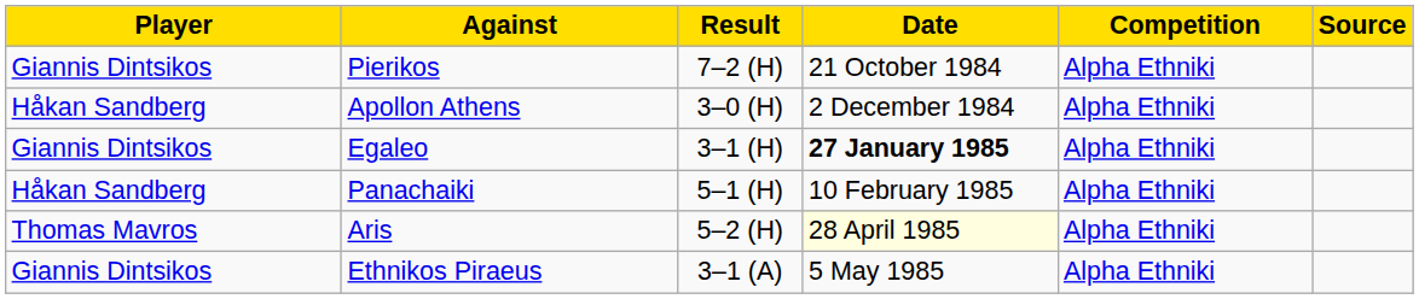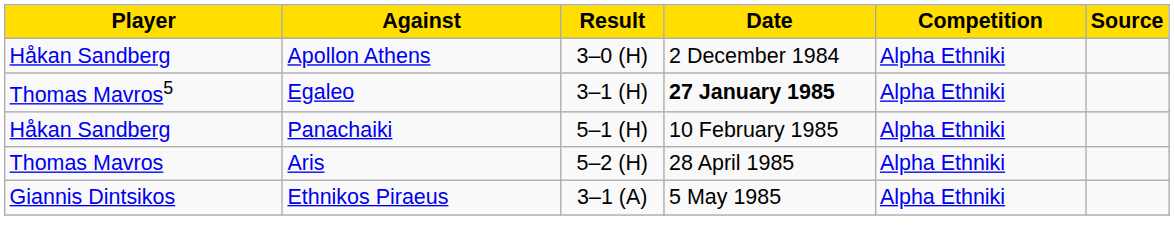 <table class="wikitable">
 <tr>
 <th width=200 style="background:#FFDE00">Player</th>
 <th width=200 style="background:#FFDE00">Against</th>
 <th width=70 style="background:#FFDE00">Result</th>
 <th width=150 style="background:#FFDE00">Date</th>
 <th width=150 style="background:#FFDE00">Competition</th>
 <th style="background:#FFDE00">Source</th>
 </tr>
 <tr>
-<td> <a href='#'>Giannis Dintsikos</a></td>
-<td> <a href='#'>Pierikos</a></td>
-<td align=center>7–2 (H)</td>
-<td>21 October 1984</td>
-<td><a href='#'>Alpha Ethniki</a></td>
-<td align=center></td>
-</tr>
-<tr>
 <td> <a href='#'>Håkan Sandberg</a></td>
 <td> <a href='#'>Apollon Athens</a></td>
 <td align=center>3–0 (H)</td>
 <td>2 December 1984</td>
 <td><a href='#'>Alpha Ethniki</a></td>
 <td align=center></td>
 </tr>
 <tr>
-<td> <a href='#'>Giannis Dintsikos</a></td>
+<td> <a href='#'>Thomas Mavros</a><sup>5</sup></td>
 <td> <a href='#'>Egaleo</a></td>
 <td align=center>3–1 (H)</td>
 <td><strong>27 January 1985</strong></td>
 <td><a href='#'>Alpha Ethniki</a></td>
 <td align=center></td>
 </tr>
 <tr>
 <td> <a href='#'>Håkan Sandberg</a></td>
 <td> <a href='#'>Panachaiki</a></td>
 <td align=center>5–1 (H)</td>
 <td>10 February 1985</td>
 <td><a href='#'>Alpha Ethniki</a></td>
 <td align=center></td>
 </tr>
 <tr>
 <td> <a href='#'>Thomas Mavros</a></td>
 <td> <a href='#'>Aris</a></td>
 <td align=center>5–2 (H)</td>
-<td style="background: lightyellow;">28 April 1985</td>
+<td>28 April 1985</td>
 <td><a href='#'>Alpha Ethniki</a></td>
 <td align=center></td>
 </tr>
 <tr>
 <td> <a href='#'>Giannis Dintsikos</a></td>
 <td> <a href='#'>Ethnikos Piraeus</a></td>
 <td align=center>3–1 (A)</td>
 <td>5 May 1985</td>
 <td><a href='#'>Alpha Ethniki</a></td>
 <td align=center></td>
 </tr>
 </table>
